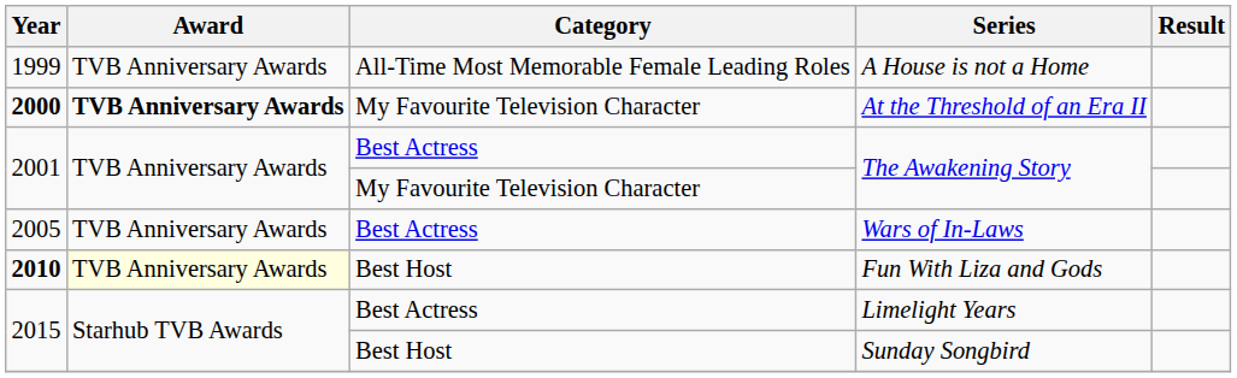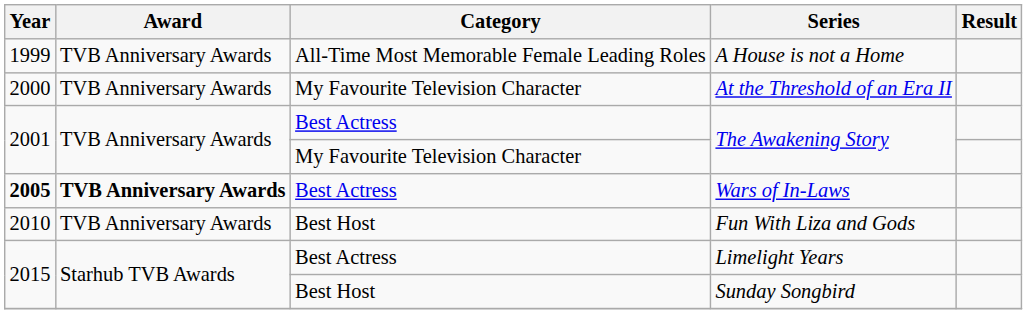 <table class="wikitable" style="font-size: 90%;">
 <tr>
 <th>Year</th>
 <th>Award</th>
 <th>Category</th>
 <th>Series</th>
 <th>Result</th>
 </tr>
 <tr>
 <td>1999</td>
 <td>TVB Anniversary Awards</td>
 <td>All-Time Most Memorable Female Leading Roles</td>
 <td><em>A House is not a Home</em></td>
 <td></td>
 </tr>
 <tr>
-<td><strong>2000</strong></td>
-<td><strong>TVB Anniversary Awards</strong></td>
+<td>2000</td>
+<td>TVB Anniversary Awards</td>
 <td>My Favourite Television Character</td>
 <td><em><a href='#'>At the Threshold of an Era II</a></em></td>
 <td></td>
 </tr>
 <tr>
 <td rowspan="2">2001</td>
 <td rowspan="2">TVB Anniversary Awards</td>
 <td><a href='#'>Best Actress</a></td>
 <td rowspan="2"><em><a href='#'>The Awakening Story</a></em></td>
 <td></td>
 </tr>
 <tr>
 <td>My Favourite Television Character</td>
 <td></td>
 </tr>
 <tr>
-<td>2005</td>
-<td>TVB Anniversary Awards</td>
+<td><strong>2005</strong></td>
+<td><strong>TVB Anniversary Awards</strong></td>
 <td><a href='#'>Best Actress</a></td>
 <td><em><a href='#'>Wars of In-Laws</a></em></td>
 <td></td>
 </tr>
 <tr>
-<td><strong>2010</strong></td>
-<td style="background: lightyellow;">TVB Anniversary Awards</td>
+<td>2010</td>
+<td>TVB Anniversary Awards</td>
 <td>Best Host</td>
 <td><em>Fun With Liza and Gods</em></td>
 <td></td>
 </tr>
 <tr>
 <td rowspan="2">2015</td>
 <td rowspan="2">Starhub TVB Awards</td>
 <td>Best Actress</td>
 <td><em>Limelight Years</em></td>
 <td></td>
 </tr>
 <tr>
 <td>Best Host</td>
 <td><em>Sunday Songbird</em></td>
 <td></td>
 </tr>
 <tr>
 </tr>
 </table>
